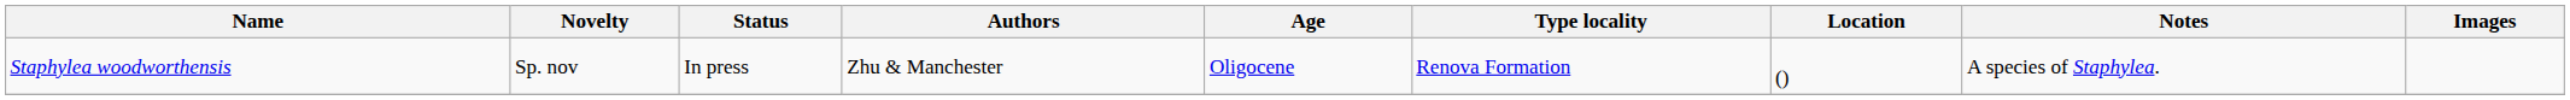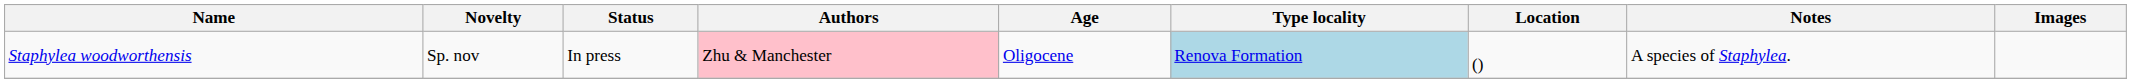 <table class="wikitable sortable" align="center" width="100%">
 <tr>
 <th>Name</th>
 <th>Novelty</th>
 <th>Status</th>
 <th>Authors</th>
 <th>Age</th>
 <th>Type locality</th>
 <th>Location</th>
 <th>Notes</th>
 <th>Images</th>
 </tr>
 <tr>
 <td><em><a href='#'>Staphylea woodworthensis</a></em></td>
 <td>Sp. nov</td>
 <td>In press</td>
-<td>Zhu & Manchester</td>
+<td style="background: pink;">Zhu & Manchester</td>
 <td><a href='#'>Oligocene</a></td>
-<td><a href='#'>Renova Formation</a></td>
+<td style="background: lightblue;"><a href='#'>Renova Formation</a></td>
 <td><br>()</td>
 <td>A species of <em><a href='#'>Staphylea</a></em>.</td>
 <td></td>
 </tr>
 <tr>
 </tr>
 </table>
